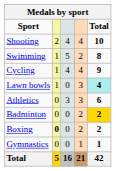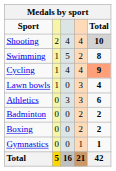 <table class="wikitable" style="text-align:center;font-size:90%">
 <tr style="background:#efefef;">
 <th colspan=7><strong>Medals by sport</strong></th>
 </tr>
 <tr>
 <td><strong>Sport</strong></td>
 <td bgcolor=#f7f6a8></td>
 <td bgcolor=#dce5e5></td>
 <td bgcolor=#ffdab9></td>
 <td><strong>Total</strong></td>
 </tr>
 <tr>
 <td style="text-align:left;"><a href='#'>Shooting</a></td>
 <td style="background:#F7F6A8;">2</td>
 <td style="background:#DCE5E5;">4</td>
 <td style="background:#FFDAB9;">4</td>
-<td><strong>10</strong></td>
+<td style="background: lightgrey;"><strong>10</strong></td>
 </tr>
 <tr>
 <td style="text-align:left;"><a href='#'>Swimming</a></td>
 <td style="background:#F7F6A8;">1</td>
 <td style="background:#DCE5E5;">5</td>
 <td style="background:#FFDAB9;">2</td>
 <td><strong>8</strong></td>
 </tr>
 <tr>
 <td style="text-align:left;"><a href='#'>Cycling</a></td>
 <td style="background:#F7F6A8;">1</td>
 <td style="background:#DCE5E5;">4</td>
 <td style="background:#FFDAB9;">4</td>
-<td><strong>9</strong></td>
+<td style="background: lightsalmon;"><strong>9</strong></td>
 </tr>
 <tr>
 <td style="text-align:left;"><a href='#'>Lawn bowls</a></td>
 <td style="background:#F7F6A8;">1</td>
 <td style="background:#DCE5E5;">0</td>
 <td style="background:#FFDAB9;">3</td>
-<td style="background: paleturquoise;"><strong>4</strong></td>
+<td><strong>4</strong></td>
 </tr>
 <tr>
 <td style="text-align:left;"><a href='#'>Athletics</a></td>
 <td style="background:#F7F6A8;">0</td>
 <td style="background:#DCE5E5;">3</td>
 <td style="background:#FFDAB9;">3</td>
 <td><strong>6</strong></td>
 </tr>
 <tr>
 <td style="text-align:left;"><a href='#'>Badminton</a></td>
 <td style="background:#F7F6A8;">0</td>
 <td style="background:#DCE5E5;">0</td>
 <td style="background:#FFDAB9;">2</td>
-<td style="background: gold;"><strong>2</strong></td>
+<td><strong>2</strong></td>
 </tr>
 <tr>
 <td style="text-align:left;"><a href='#'>Boxing</a></td>
-<td style="background:#F7F6A8;"><strong>0</strong></td>
+<td style="background:#F7F6A8;">0</td>
 <td style="background:#DCE5E5;">0</td>
 <td style="background:#FFDAB9;">2</td>
 <td><strong>2</strong></td>
 </tr>
 <tr>
 <td style="text-align:left;"><a href='#'>Gymnastics</a></td>
 <td style="background:#F7F6A8;">0</td>
 <td style="background:#DCE5E5;">0</td>
 <td style="background:#FFDAB9;">1</td>
 <td><strong>1</strong></td>
 </tr>
 <tr>
 <th style="text-align:left;"><strong>Total</strong></th>
 <th style="background:gold;"><strong>5</strong></th>
 <th style="background:silver;"><strong>16</strong></th>
 <th style="background:#c96;"><strong>21</strong></th>
 <th><strong>42</strong></th>
 </tr>
 </table>
